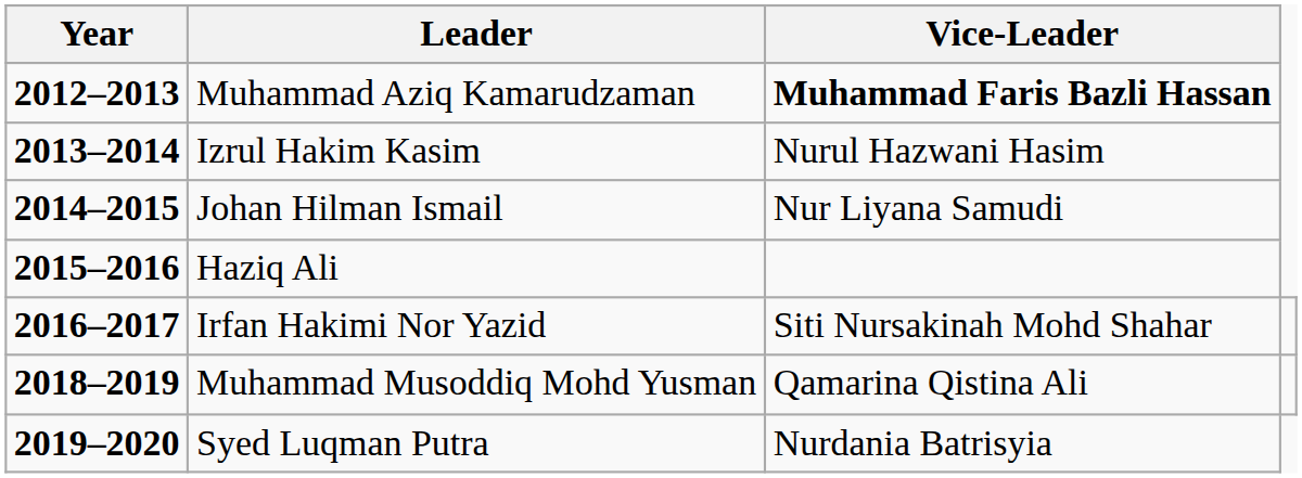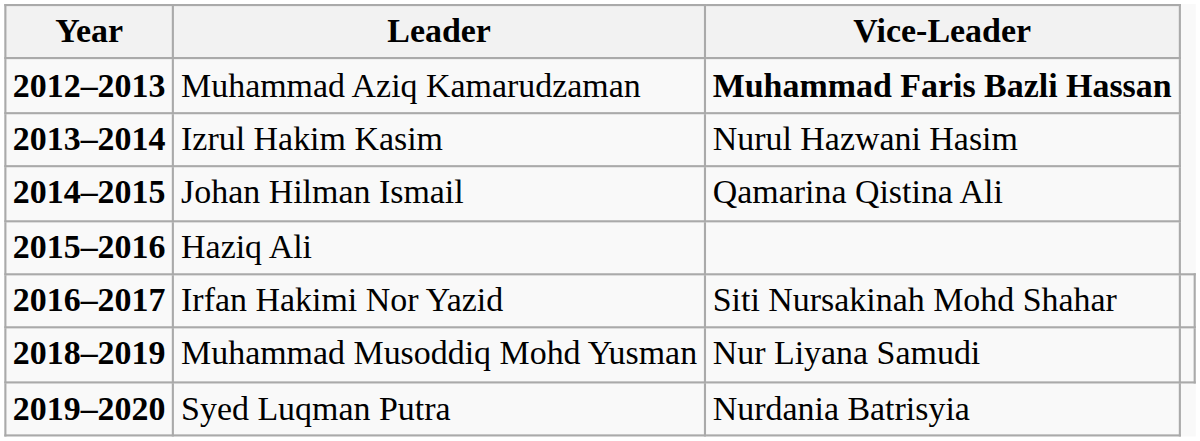 <table class="wikitable" style="margin-left: auto; margin-right: auto; border: none">
 <tr>
 <th>Year</th>
 <th>Leader</th>
 <th>Vice-Leader</th>
 </tr>
 <tr>
 <td><strong>2012–2013</strong></td>
 <td>Muhammad Aziq Kamarudzaman</td>
 <td><strong>Muhammad Faris Bazli Hassan</strong></td>
 </tr>
 <tr>
 <td><strong>2013–2014</strong></td>
 <td>Izrul Hakim Kasim</td>
 <td>Nurul Hazwani Hasim</td>
 </tr>
 <tr>
 <td><strong>2014–2015</strong></td>
 <td>Johan Hilman Ismail</td>
-<td>Nur Liyana Samudi</td>
+<td>Qamarina Qistina Ali</td>
 </tr>
 <tr>
 <td><strong>2015–2016</strong></td>
 <td>Haziq Ali</td>
 <td></td>
 </tr>
 <tr>
 <td><strong>2016–2017</strong></td>
 <td>Irfan Hakimi Nor Yazid</td>
 <td>Siti Nursakinah Mohd Shahar</td>
 <td></td>
 </tr>
 <tr>
 <td><strong>2018–2019</strong></td>
 <td>Muhammad Musoddiq Mohd Yusman</td>
-<td>Qamarina Qistina Ali</td>
+<td>Nur Liyana Samudi</td>
 <td></td>
 </tr>
 <tr>
 <td><strong>2019–2020</strong></td>
 <td>Syed Luqman Putra</td>
 <td>Nurdania Batrisyia</td>
 </tr>
 </table>
